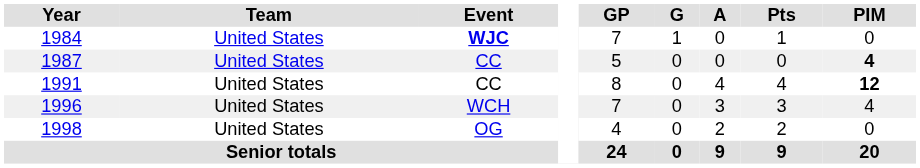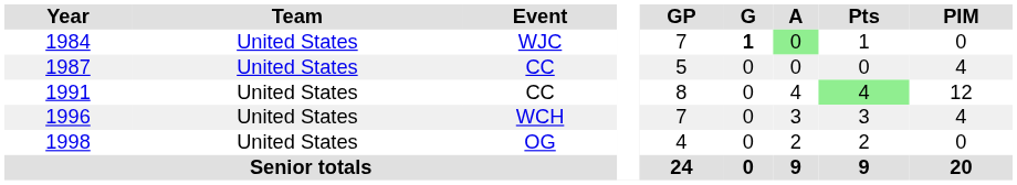 <table border="0" cellpadding="1" cellspacing="0" style="text-align:center; width:50em">
 <tr ALIGN="center" bgcolor="#e0e0e0">
 <th>Year</th>
 <th>Team</th>
 <th>Event</th>
 <th ALIGN="center" rowspan="99" bgcolor="#ffffff"> </th>
 <th>GP</th>
 <th>G</th>
 <th>A</th>
 <th>Pts</th>
 <th>PIM</th>
 </tr>
 <tr>
 <td><a href='#'>1984</a></td>
 <td><a href='#'>United States</a></td>
-<td><strong><a href='#'>WJC</a></strong></td>
+<td><a href='#'>WJC</a></td>
 <td>7</td>
-<td>1</td>
-<td>0</td>
+<td><strong>1</strong></td>
+<td style="background: lightgreen;">0</td>
 <td>1</td>
 <td>0</td>
 </tr>
 <tr bgcolor="#f0f0f0">
 <td><a href='#'>1987</a></td>
 <td><a href='#'>United States</a></td>
 <td><a href='#'>CC</a></td>
 <td>5</td>
 <td>0</td>
 <td>0</td>
 <td>0</td>
-<td><strong>4</strong></td>
+<td>4</td>
 </tr>
 <tr>
 <td><a href='#'>1991</a></td>
 <td>United States</td>
 <td>CC</td>
 <td>8</td>
 <td>0</td>
 <td>4</td>
-<td>4</td>
-<td><strong>12</strong></td>
+<td style="background: lightgreen;">4</td>
+<td>12</td>
 </tr>
 <tr bgcolor="#f0f0f0">
 <td><a href='#'>1996</a></td>
 <td>United States</td>
 <td><a href='#'>WCH</a></td>
 <td>7</td>
 <td>0</td>
 <td>3</td>
 <td>3</td>
 <td>4</td>
 </tr>
 <tr>
 <td><a href='#'>1998</a></td>
 <td>United States</td>
 <td><a href='#'>OG</a></td>
 <td>4</td>
 <td>0</td>
 <td>2</td>
 <td>2</td>
 <td>0</td>
 </tr>
 <tr bgcolor="#e0e0e0">
 <th colspan=3>Senior totals</th>
 <th>24</th>
 <th>0</th>
 <th>9</th>
 <th>9</th>
 <th>20</th>
 </tr>
 </table>
